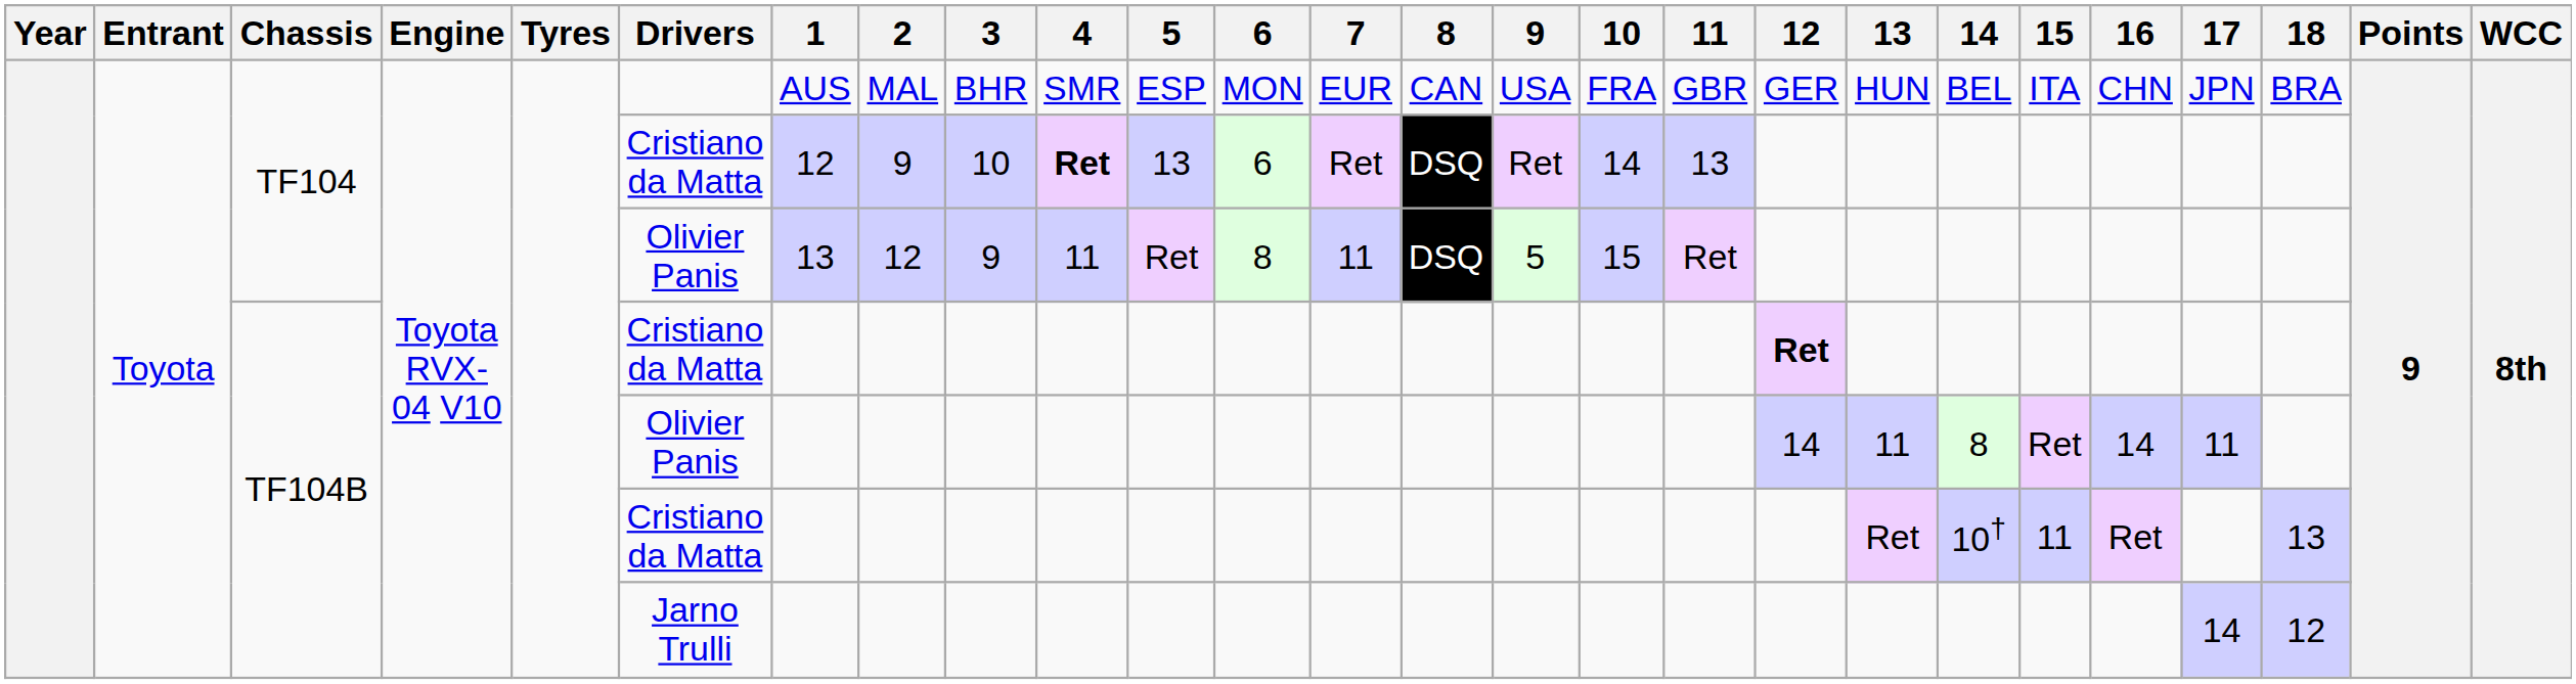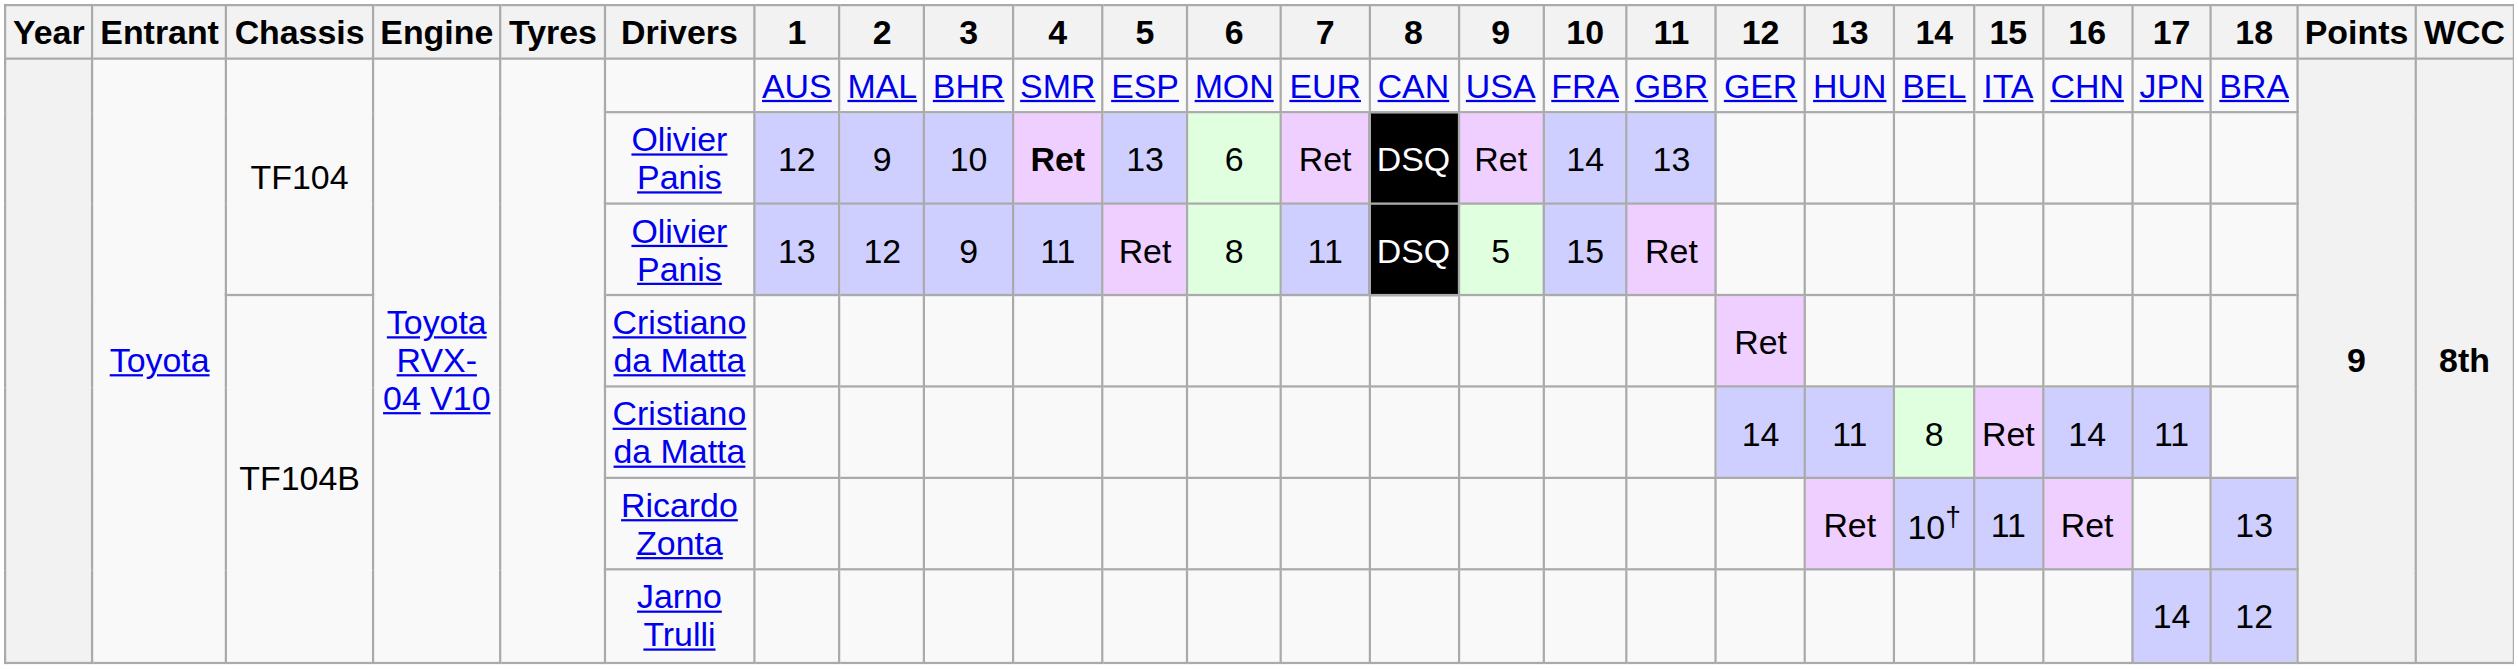 <table class="wikitable" style="text-align:center; font-size:95%">
 <tr>
 <th>Year</th>
 <th>Entrant</th>
 <th>Chassis</th>
 <th>Engine</th>
 <th>Tyres</th>
 <th>Drivers</th>
 <th>1</th>
 <th>2</th>
 <th>3</th>
 <th>4</th>
 <th>5</th>
 <th>6</th>
 <th>7</th>
 <th>8</th>
 <th>9</th>
 <th>10</th>
 <th>11</th>
 <th>12</th>
 <th>13</th>
 <th>14</th>
 <th>15</th>
 <th>16</th>
 <th>17</th>
 <th>18</th>
 <th>Points</th>
 <th>WCC</th>
 </tr>
 <tr>
 <th rowspan="7"></th>
 <td rowspan="7"><a href='#'>Toyota</a></td>
 <td rowspan="3">TF104</td>
 <td rowspan="7"><a href='#'>Toyota RVX-04</a> <a href='#'>V10</a></td>
 <td rowspan="7"></td>
 <td></td>
 <td><a href='#'>AUS</a></td>
 <td><a href='#'>MAL</a></td>
 <td><a href='#'>BHR</a></td>
 <td><a href='#'>SMR</a></td>
 <td><a href='#'>ESP</a></td>
 <td><a href='#'>MON</a></td>
 <td><a href='#'>EUR</a></td>
 <td><a href='#'>CAN</a></td>
 <td><a href='#'>USA</a></td>
 <td><a href='#'>FRA</a></td>
 <td><a href='#'>GBR</a></td>
 <td><a href='#'>GER</a></td>
 <td><a href='#'>HUN</a></td>
 <td><a href='#'>BEL</a></td>
 <td><a href='#'>ITA</a></td>
 <td><a href='#'>CHN</a></td>
 <td><a href='#'>JPN</a></td>
 <td><a href='#'>BRA</a></td>
 <th rowspan="7">9</th>
 <th rowspan="7">8th</th>
 </tr>
 <tr>
-<td> <a href='#'>Cristiano da Matta</a></td>
+<td> <a href='#'>Olivier Panis</a></td>
 <td style="background:#CFCFFF;">12</td>
 <td style="background:#CFCFFF;">9</td>
 <td style="background:#CFCFFF;">10</td>
 <td style="background:#EFCFFF;"><strong>Ret</strong></td>
 <td style="background:#CFCFFF;">13</td>
 <td style="background:#DFFFDF;">6</td>
 <td style="background:#EFCFFF;">Ret</td>
 <td style="background:#000000; color:white">DSQ</td>
 <td style="background:#EFCFFF;">Ret</td>
 <td style="background:#CFCFFF;">14</td>
 <td style="background:#CFCFFF;">13</td>
 <td></td>
 <td></td>
 <td></td>
 <td></td>
 <td></td>
 <td></td>
 <td></td>
 </tr>
 <tr>
 <td> <a href='#'>Olivier Panis</a></td>
 <td style="background:#CFCFFF;">13</td>
 <td style="background:#CFCFFF;">12</td>
 <td style="background:#CFCFFF;">9</td>
 <td style="background:#CFCFFF;">11</td>
 <td style="background:#EFCFFF;">Ret</td>
 <td style="background:#DFFFDF;">8</td>
 <td style="background:#CFCFFF;">11</td>
 <td style="background:#000000; color:white">DSQ</td>
 <td style="background:#DFFFDF;">5</td>
 <td style="background:#CFCFFF;">15</td>
 <td style="background:#EFCFFF;">Ret</td>
 <td></td>
 <td></td>
 <td></td>
 <td></td>
 <td></td>
 <td></td>
 <td></td>
 </tr>
 <tr>
 <td rowspan="4">TF104B</td>
 <td> <a href='#'>Cristiano da Matta</a></td>
 <td></td>
 <td></td>
 <td></td>
 <td></td>
 <td></td>
 <td></td>
 <td></td>
 <td></td>
 <td></td>
 <td></td>
 <td></td>
-<td style="background:#EFCFFF;"><strong>Ret</strong></td>
+<td style="background:#EFCFFF;">Ret</td>
 <td></td>
 <td></td>
 <td></td>
 <td></td>
 <td></td>
 <td></td>
 </tr>
 <tr>
-<td> <a href='#'>Olivier Panis</a></td>
+<td> <a href='#'>Cristiano da Matta</a></td>
 <td></td>
 <td></td>
 <td></td>
 <td></td>
 <td></td>
 <td></td>
 <td></td>
 <td></td>
 <td></td>
 <td></td>
 <td></td>
 <td style="background:#CFCFFF;">14</td>
 <td style="background:#CFCFFF;">11</td>
 <td style="background:#DFFFDF;">8</td>
 <td style="background:#EFCFFF;">Ret</td>
 <td style="background:#CFCFFF;">14</td>
 <td style="background:#CFCFFF;">11</td>
 <td></td>
 </tr>
 <tr>
-<td> <a href='#'>Cristiano da Matta</a></td>
+<td> <a href='#'>Ricardo Zonta</a></td>
 <td></td>
 <td></td>
 <td></td>
 <td></td>
 <td></td>
 <td></td>
 <td></td>
 <td></td>
 <td></td>
 <td></td>
 <td></td>
 <td></td>
 <td style="background:#EFCFFF;">Ret</td>
 <td style="background:#CFCFFF;">10<sup>†</sup></td>
 <td style="background:#CFCFFF;">11</td>
 <td style="background:#EFCFFF;">Ret</td>
 <td></td>
 <td style="background:#CFCFFF;">13</td>
 </tr>
 <tr>
 <td> <a href='#'>Jarno Trulli</a></td>
 <td></td>
 <td></td>
 <td></td>
 <td></td>
 <td></td>
 <td></td>
 <td></td>
 <td></td>
 <td></td>
 <td></td>
 <td></td>
 <td></td>
 <td></td>
 <td></td>
 <td></td>
 <td></td>
 <td style="background:#CFCFFF;">14</td>
 <td style="background:#CFCFFF;">12</td>
 </tr>
 </table>
